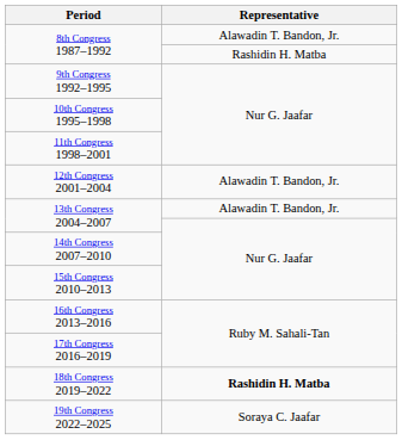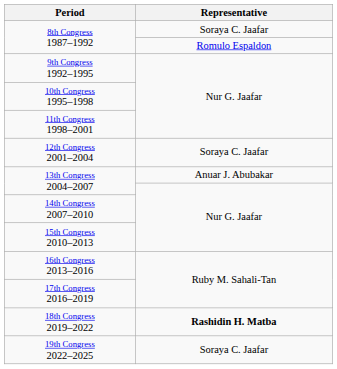 <table class="wikitable" style="text-align:center; width:40%;">
 <tr>
 <th width="40%">Period</th>
 <th>Representative</th>
 </tr>
 <tr>
 <td rowspan="2"><small><a href='#'>8th Congress</a></small><br>1987–1992</td>
-<td>Alawadin T. Bandon, Jr. </td>
+<td>Soraya C. Jaafar</td>
 </tr>
 <tr>
-<td>Rashidin H. Matba</td>
+<td><a href='#'>Romulo Espaldon</a></td>
 </tr>
 <tr>
 <td><small><a href='#'>9th Congress</a></small><br>1992–1995</td>
 <td rowspan="3">Nur G. Jaafar</td>
 </tr>
 <tr>
 <td><small><a href='#'>10th Congress</a></small><br>1995–1998</td>
 </tr>
 <tr>
 <td><small><a href='#'>11th Congress</a></small><br>1998–2001</td>
 </tr>
 <tr>
 <td><small><a href='#'>12th Congress</a></small><br>2001–2004</td>
-<td>Alawadin T. Bandon, Jr. </td>
+<td>Soraya C. Jaafar</td>
 </tr>
 <tr>
 <td rowspan="2"><small><a href='#'>13th Congress</a></small><br>2004–2007</td>
-<td>Alawadin T. Bandon, Jr. </td>
+<td>Anuar J. Abubakar </td>
 </tr>
 <tr>
 <td rowspan="3">Nur G. Jaafar</td>
 </tr>
 <tr>
 <td><small><a href='#'>14th Congress</a></small><br>2007–2010</td>
 </tr>
 <tr>
 <td><small><a href='#'>15th Congress</a></small><br>2010–2013</td>
 </tr>
 <tr>
 <td><small><a href='#'>16th Congress</a></small><br>2013–2016</td>
 <td rowspan="2">Ruby M. Sahali-Tan</td>
 </tr>
 <tr>
 <td><small><a href='#'>17th Congress</a></small><br>2016–2019</td>
 </tr>
 <tr>
 <td><small><a href='#'>18th Congress</a></small><br>2019–2022</td>
 <td><strong>Rashidin H. Matba</strong></td>
 </tr>
 <tr>
 <td><small><a href='#'>19th Congress</a></small><br>2022–2025</td>
 <td>Soraya C. Jaafar</td>
 </tr>
 </table>
